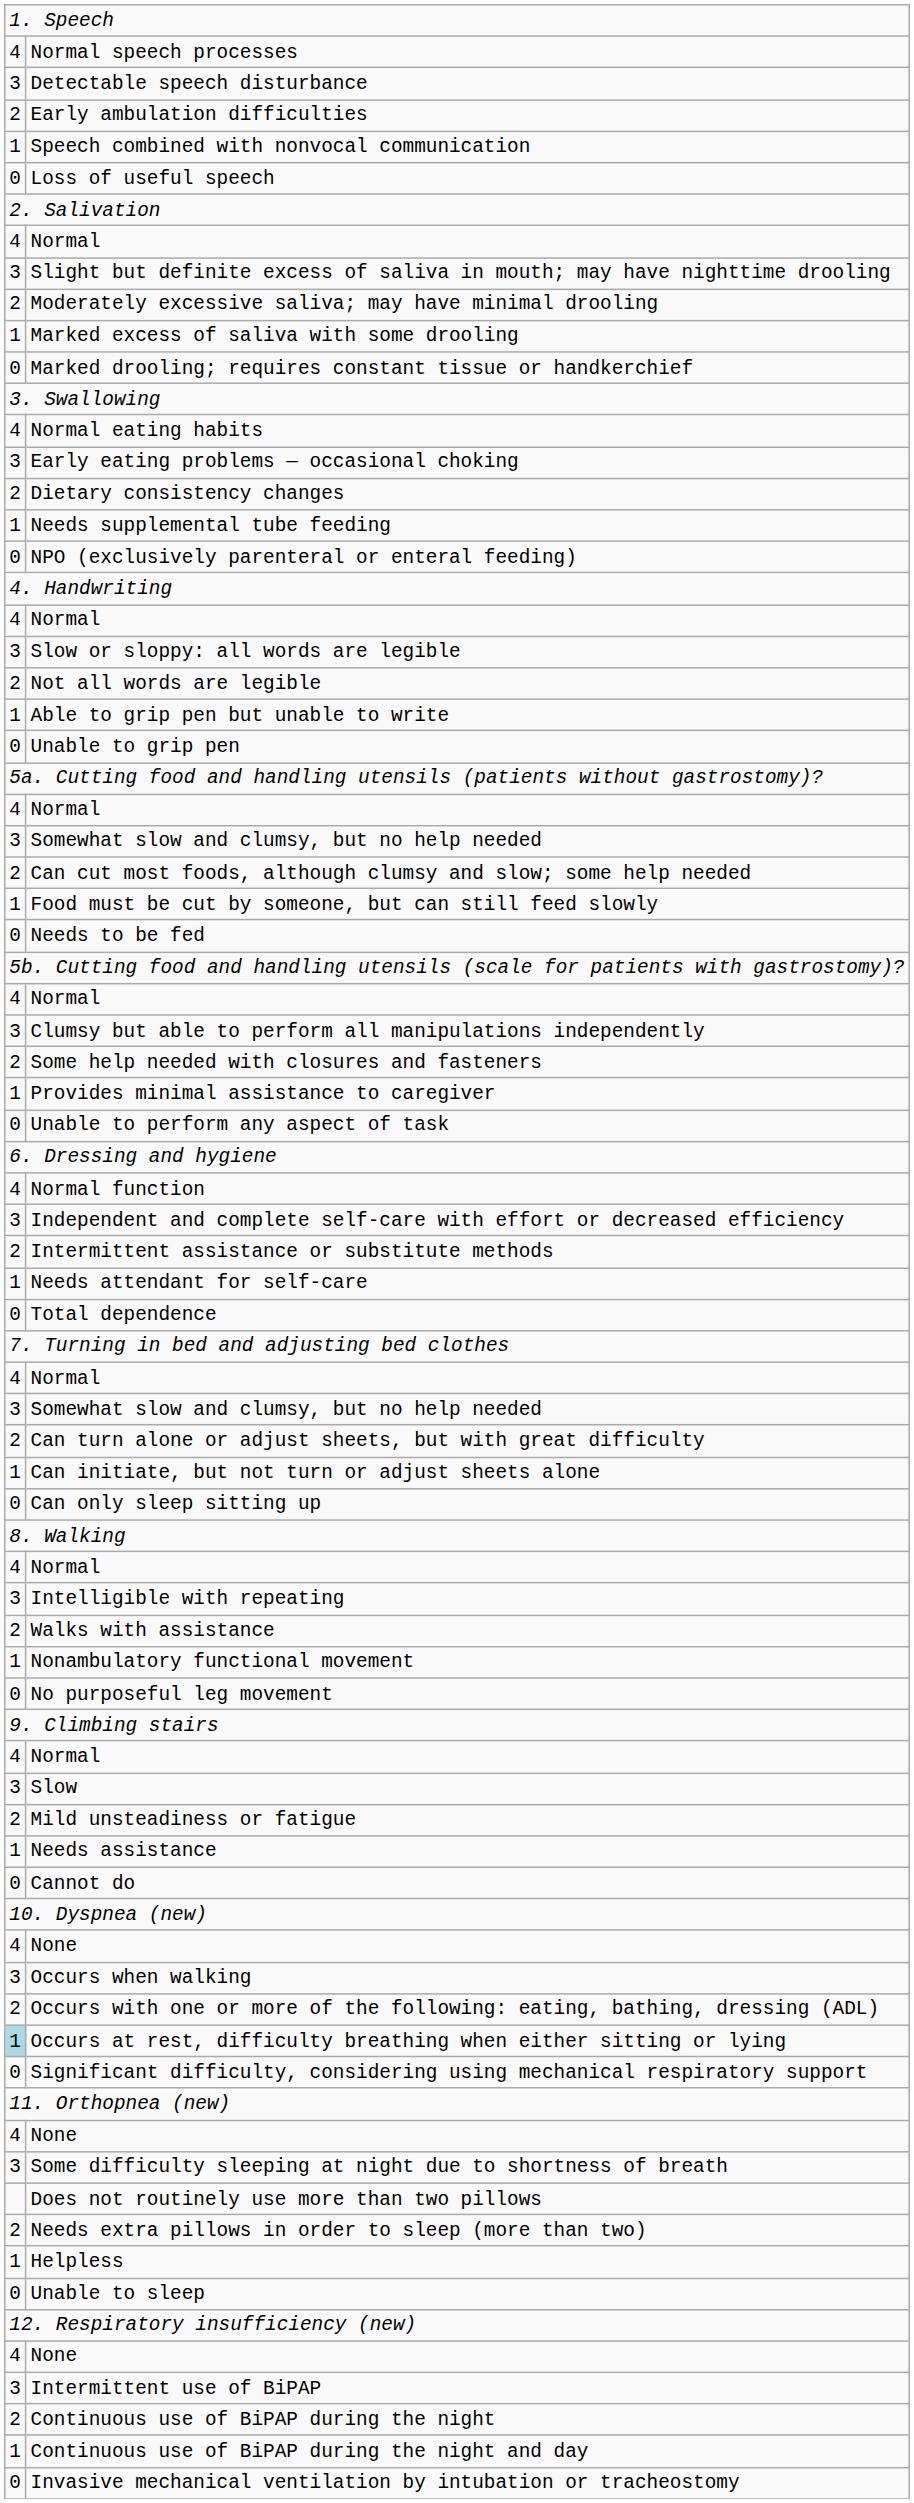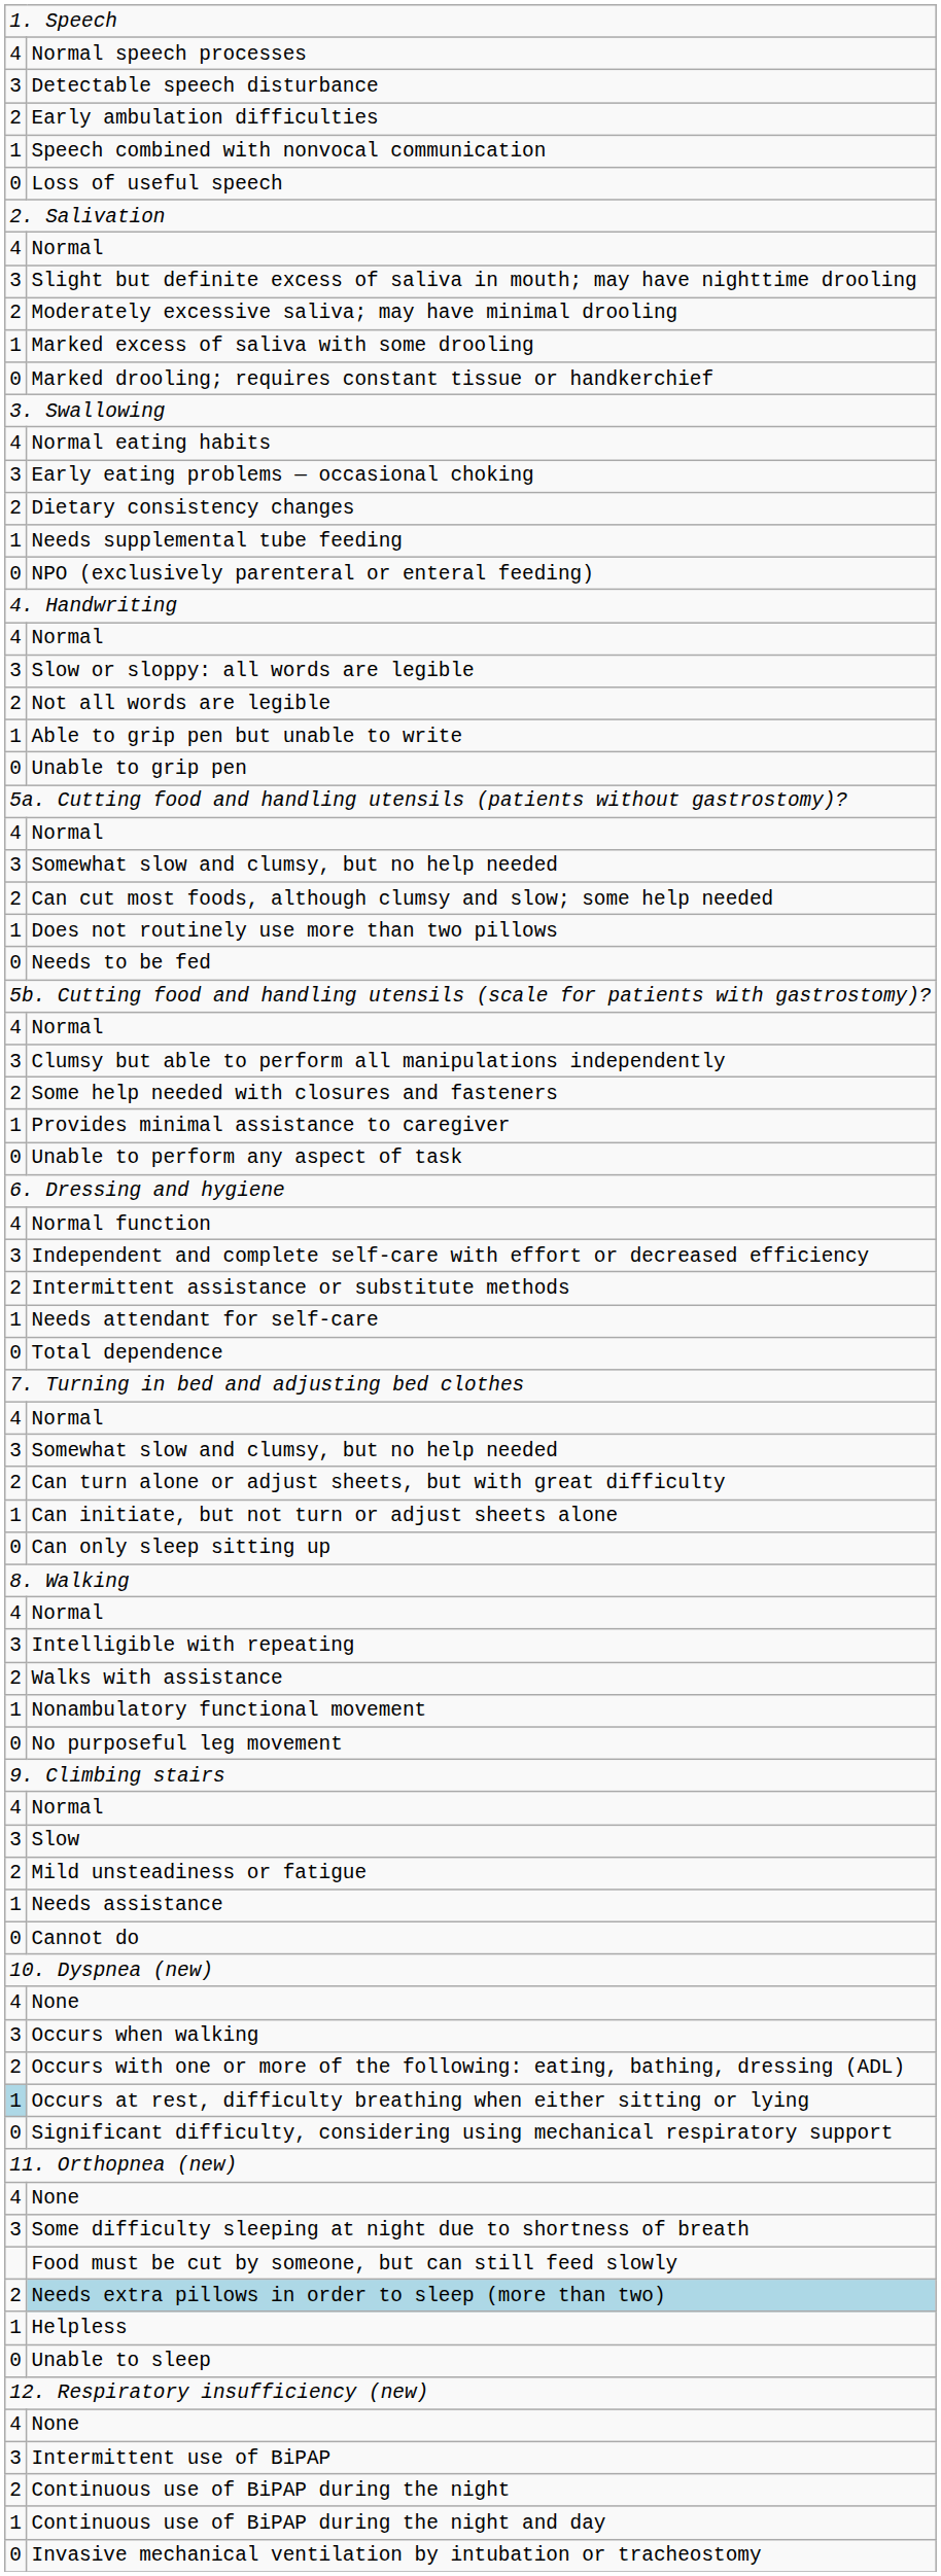 <table class="wikitable">
 <tr>
 <td colspan="2"><em>1. Speech</em></td>
 </tr>
 <tr>
 <td>4</td>
 <td>Normal speech processes</td>
 </tr>
 <tr>
 <td>3</td>
 <td>Detectable speech disturbance</td>
 </tr>
 <tr>
 <td>2</td>
 <td>Early ambulation difficulties</td>
 </tr>
 <tr>
 <td>1</td>
 <td>Speech combined with nonvocal communication</td>
 </tr>
 <tr>
 <td>0</td>
 <td>Loss of useful speech</td>
 </tr>
 <tr>
 <td colspan="2"><em>2. Salivation</em></td>
 </tr>
 <tr>
 <td>4</td>
 <td>Normal</td>
 </tr>
 <tr>
 <td>3</td>
 <td>Slight but definite excess of saliva in mouth; may have nighttime drooling</td>
 </tr>
 <tr>
 <td>2</td>
 <td>Moderately excessive saliva; may have minimal drooling</td>
 </tr>
 <tr>
 <td>1</td>
 <td>Marked excess of saliva with some drooling</td>
 </tr>
 <tr>
 <td>0</td>
 <td>Marked drooling; requires constant tissue or handkerchief</td>
 </tr>
 <tr>
 <td colspan="2"><em>3. Swallowing</em></td>
 </tr>
 <tr>
 <td>4</td>
 <td>Normal eating habits</td>
 </tr>
 <tr>
 <td>3</td>
 <td>Early eating problems — occasional choking</td>
 </tr>
 <tr>
 <td>2</td>
 <td>Dietary consistency changes</td>
 </tr>
 <tr>
 <td>1</td>
 <td>Needs supplemental tube feeding</td>
 </tr>
 <tr>
 <td>0</td>
 <td>NPO (exclusively parenteral or enteral feeding)</td>
 </tr>
 <tr>
 <td colspan="2"><em>4. Handwriting</em></td>
 </tr>
 <tr>
 <td>4</td>
 <td>Normal</td>
 </tr>
 <tr>
 <td>3</td>
 <td>Slow or sloppy: all words are legible</td>
 </tr>
 <tr>
 <td>2</td>
 <td>Not all words are legible</td>
 </tr>
 <tr>
 <td>1</td>
 <td>Able to grip pen but unable to write</td>
 </tr>
 <tr>
 <td>0</td>
 <td>Unable to grip pen</td>
 </tr>
 <tr>
 <td colspan="2"><em>5a. Cutting food and handling utensils (patients without gastrostomy)?</em></td>
 </tr>
 <tr>
 <td>4</td>
 <td>Normal</td>
 </tr>
 <tr>
 <td>3</td>
 <td>Somewhat slow and clumsy, but no help needed</td>
 </tr>
 <tr>
 <td>2</td>
 <td>Can cut most foods, although clumsy and slow; some help needed</td>
 </tr>
 <tr>
 <td>1</td>
-<td>Food must be cut by someone, but can still feed slowly</td>
+<td>Does not routinely use more than two pillows</td>
 </tr>
 <tr>
 <td>0</td>
 <td>Needs to be fed</td>
 </tr>
 <tr>
 <td colspan="2"><em>5b. Cutting food and handling utensils (scale for patients with gastrostomy)?</em></td>
 </tr>
 <tr>
 <td>4</td>
 <td>Normal</td>
 </tr>
 <tr>
 <td>3</td>
 <td>Clumsy but able to perform all manipulations independently</td>
 </tr>
 <tr>
 <td>2</td>
 <td>Some help needed with closures and fasteners</td>
 </tr>
 <tr>
 <td>1</td>
 <td>Provides minimal assistance to caregiver</td>
 </tr>
 <tr>
 <td>0</td>
 <td>Unable to perform any aspect of task</td>
 </tr>
 <tr>
 <td colspan="2"><em>6. Dressing and hygiene</em></td>
 </tr>
 <tr>
 <td>4</td>
 <td>Normal function</td>
 </tr>
 <tr>
 <td>3</td>
 <td>Independent and complete self-care with effort or decreased efficiency</td>
 </tr>
 <tr>
 <td>2</td>
 <td>Intermittent assistance or substitute methods</td>
 </tr>
 <tr>
 <td>1</td>
 <td>Needs attendant for self-care</td>
 </tr>
 <tr>
 <td>0</td>
 <td>Total dependence</td>
 </tr>
 <tr>
 <td colspan="2"><em>7. Turning in bed and adjusting bed clothes</em></td>
 </tr>
 <tr>
 <td>4</td>
 <td>Normal</td>
 </tr>
 <tr>
 <td>3</td>
 <td>Somewhat slow and clumsy, but no help needed</td>
 </tr>
 <tr>
 <td>2</td>
 <td>Can turn alone or adjust sheets, but with great difficulty</td>
 </tr>
 <tr>
 <td>1</td>
 <td>Can initiate, but not turn or adjust sheets alone</td>
 </tr>
 <tr>
 <td>0</td>
 <td>Can only sleep sitting up</td>
 </tr>
 <tr>
 <td colspan="2"><em>8. Walking</em></td>
 </tr>
 <tr>
 <td>4</td>
 <td>Normal</td>
 </tr>
 <tr>
 <td>3</td>
 <td>Intelligible with repeating</td>
 </tr>
 <tr>
 <td>2</td>
 <td>Walks with assistance</td>
 </tr>
 <tr>
 <td>1</td>
 <td>Nonambulatory functional movement</td>
 </tr>
 <tr>
 <td>0</td>
 <td>No purposeful leg movement</td>
 </tr>
 <tr>
 <td colspan="2"><em>9. Climbing stairs</em></td>
 </tr>
 <tr>
 <td>4</td>
 <td>Normal</td>
 </tr>
 <tr>
 <td>3</td>
 <td>Slow</td>
 </tr>
 <tr>
 <td>2</td>
 <td>Mild unsteadiness or fatigue</td>
 </tr>
 <tr>
 <td>1</td>
 <td>Needs assistance</td>
 </tr>
 <tr>
 <td>0</td>
 <td>Cannot do</td>
 </tr>
 <tr>
 <td colspan="2"><em>10. Dyspnea (new)</em></td>
 </tr>
 <tr>
 <td>4</td>
 <td>None</td>
 </tr>
 <tr>
 <td>3</td>
 <td>Occurs when walking</td>
 </tr>
 <tr>
 <td>2</td>
 <td>Occurs with one or more of the following: eating, bathing, dressing (ADL)</td>
 </tr>
 <tr>
 <td style="background: lightblue;">1</td>
 <td>Occurs at rest, difficulty breathing when either sitting or lying</td>
 </tr>
 <tr>
 <td>0</td>
 <td>Significant difficulty, considering using mechanical respiratory support</td>
 </tr>
 <tr>
 <td colspan="2"><em>11. Orthopnea (new)</em></td>
 </tr>
 <tr>
 <td>4</td>
 <td>None</td>
 </tr>
 <tr>
 <td>3</td>
 <td>Some difficulty sleeping at night due to shortness of breath</td>
 </tr>
 <tr>
 <td></td>
-<td>Does not routinely use more than two pillows</td>
+<td>Food must be cut by someone, but can still feed slowly</td>
 </tr>
 <tr>
 <td>2</td>
-<td>Needs extra pillows in order to sleep (more than two)</td>
+<td style="background: lightblue;">Needs extra pillows in order to sleep (more than two)</td>
 </tr>
 <tr>
 <td>1</td>
 <td>Helpless</td>
 </tr>
 <tr>
 <td>0</td>
 <td>Unable to sleep</td>
 </tr>
 <tr>
 <td colspan="2"><em>12. Respiratory insufficiency (new)</em></td>
 </tr>
 <tr>
 <td>4</td>
 <td>None</td>
 </tr>
 <tr>
 <td>3</td>
 <td>Intermittent use of BiPAP</td>
 </tr>
 <tr>
 <td>2</td>
 <td>Continuous use of BiPAP during the night</td>
 </tr>
 <tr>
 <td>1</td>
 <td>Continuous use of BiPAP during the night and day</td>
 </tr>
 <tr>
 <td>0</td>
 <td>Invasive mechanical ventilation by intubation or tracheostomy</td>
 </tr>
 </table>
